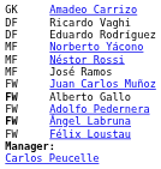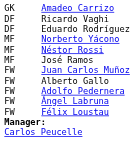 <table cellspacing="0" cellpadding="0" style="font-size:90%; margin:0.2em auto;">
 <tr>
 <th width="25"></th>
 <th width="25"></th>
 </tr>
 <tr>
 <td>GK</td>
 <td></td>
 <td> <a href='#'>Amadeo Carrizo</a></td>
 </tr>
 <tr>
 <td>DF</td>
 <td></td>
 <td> Ricardo Vaghi</td>
 </tr>
 <tr>
 <td>DF</td>
 <td></td>
 <td> Eduardo Rodríguez</td>
 </tr>
 <tr>
 <td>MF</td>
 <td></td>
 <td> <a href='#'>Norberto Yácono</a></td>
 </tr>
 <tr>
 <td>MF</td>
 <td></td>
 <td> <a href='#'>Néstor Rossi</a></td>
 </tr>
 <tr>
 <td>MF</td>
 <td></td>
 <td> José Ramos</td>
 </tr>
 <tr>
 <td>FW</td>
 <td></td>
 <td> <a href='#'>Juan Carlos Muñoz</a></td>
 </tr>
 <tr>
-<td><strong>FW</strong></td>
+<td>FW</td>
 <td></td>
 <td> Alberto Gallo</td>
 </tr>
 <tr>
 <td>FW</td>
 <td></td>
 <td> <a href='#'>Adolfo Pedernera</a></td>
 </tr>
 <tr>
-<td><strong>FW</strong></td>
+<td>FW</td>
 <td></td>
 <td> <a href='#'>Ángel Labruna</a></td>
 </tr>
 <tr>
 <td>FW</td>
 <td></td>
 <td> <a href='#'>Félix Loustau</a></td>
 </tr>
 <tr>
 <td colspan=3><strong>Manager:</strong></td>
 </tr>
 <tr>
 <td colspan=4> <a href='#'>Carlos Peucelle</a></td>
 </tr>
 </table>
